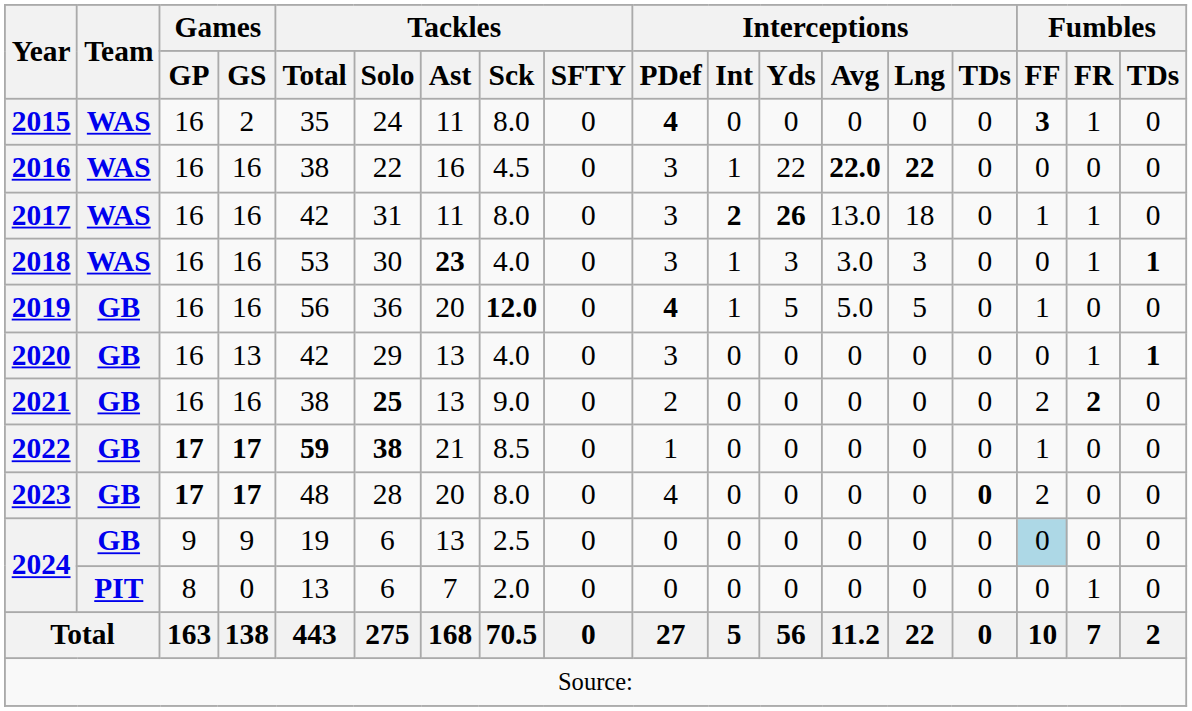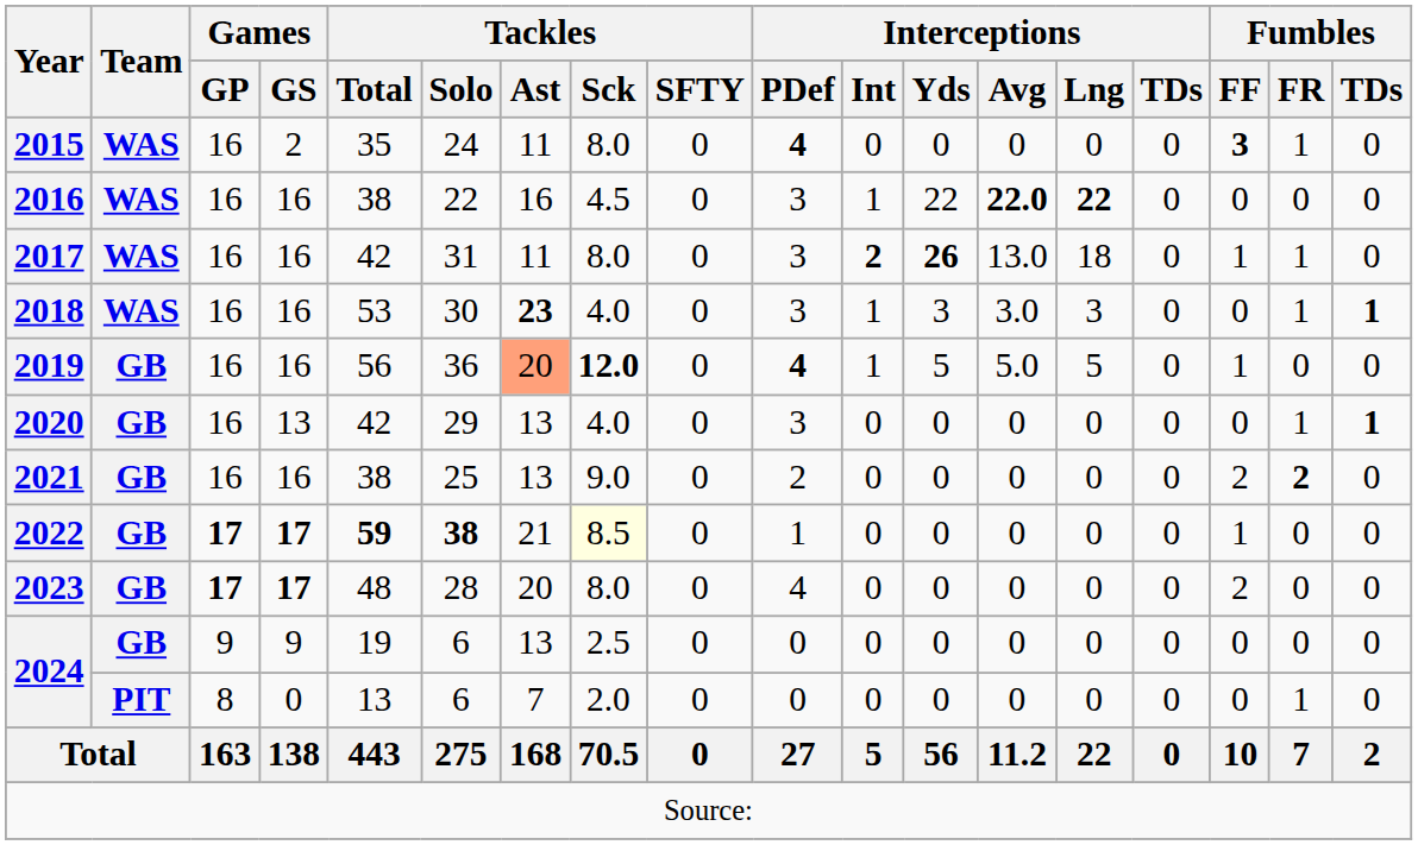 <table class="wikitable" style="text-align:center">
 <tr>
 <th rowspan="2">Year</th>
 <th rowspan="2">Team</th>
 <th colspan="2">Games</th>
 <th colspan="5">Tackles</th>
 <th colspan="6">Interceptions</th>
 <th colspan="3">Fumbles</th>
 </tr>
 <tr>
 <th>GP</th>
 <th>GS</th>
 <th>Total</th>
 <th>Solo</th>
 <th>Ast</th>
 <th>Sck</th>
 <th>SFTY</th>
 <th>PDef</th>
 <th>Int</th>
 <th>Yds</th>
 <th>Avg</th>
 <th>Lng</th>
 <th>TDs</th>
 <th>FF</th>
 <th>FR</th>
 <th>TDs</th>
 </tr>
 <tr>
 <th><a href='#'>2015</a></th>
 <th><a href='#'>WAS</a></th>
 <td>16</td>
 <td>2</td>
 <td>35</td>
 <td>24</td>
 <td>11</td>
 <td>8.0</td>
 <td>0</td>
 <td><strong>4</strong></td>
 <td>0</td>
 <td>0</td>
 <td>0</td>
 <td>0</td>
 <td>0</td>
 <td><strong>3</strong></td>
 <td>1</td>
 <td>0</td>
 </tr>
 <tr>
 <th><a href='#'>2016</a></th>
 <th><a href='#'>WAS</a></th>
 <td>16</td>
 <td>16</td>
 <td>38</td>
 <td>22</td>
 <td>16</td>
 <td>4.5</td>
 <td>0</td>
 <td>3</td>
 <td>1</td>
 <td>22</td>
 <td><strong>22.0</strong></td>
 <td><strong>22</strong></td>
 <td>0</td>
 <td>0</td>
 <td>0</td>
 <td>0</td>
 </tr>
 <tr>
 <th><a href='#'>2017</a></th>
 <th><a href='#'>WAS</a></th>
 <td>16</td>
 <td>16</td>
 <td>42</td>
 <td>31</td>
 <td>11</td>
 <td>8.0</td>
 <td>0</td>
 <td>3</td>
 <td><strong>2</strong></td>
 <td><strong>26</strong></td>
 <td>13.0</td>
 <td>18</td>
 <td>0</td>
 <td>1</td>
 <td>1</td>
 <td>0</td>
 </tr>
 <tr>
 <th><a href='#'>2018</a></th>
 <th><a href='#'>WAS</a></th>
 <td>16</td>
 <td>16</td>
 <td>53</td>
 <td>30</td>
 <td><strong>23</strong></td>
 <td>4.0</td>
 <td>0</td>
 <td>3</td>
 <td>1</td>
 <td>3</td>
 <td>3.0</td>
 <td>3</td>
 <td>0</td>
 <td>0</td>
 <td>1</td>
 <td><strong>1</strong></td>
 </tr>
 <tr>
 <th><a href='#'>2019</a></th>
 <th><a href='#'>GB</a></th>
 <td>16</td>
 <td>16</td>
 <td>56</td>
 <td>36</td>
-<td>20</td>
+<td style="background: lightsalmon;">20</td>
 <td><strong>12.0</strong></td>
 <td>0</td>
 <td><strong>4</strong></td>
 <td>1</td>
 <td>5</td>
 <td>5.0</td>
 <td>5</td>
 <td>0</td>
 <td>1</td>
 <td>0</td>
 <td>0</td>
 </tr>
 <tr>
 <th><a href='#'>2020</a></th>
 <th><a href='#'>GB</a></th>
 <td>16</td>
 <td>13</td>
 <td>42</td>
 <td>29</td>
 <td>13</td>
 <td>4.0</td>
 <td>0</td>
 <td>3</td>
 <td>0</td>
 <td>0</td>
 <td>0</td>
 <td>0</td>
 <td>0</td>
 <td>0</td>
 <td>1</td>
 <td><strong>1</strong></td>
 </tr>
 <tr>
 <th><a href='#'>2021</a></th>
 <th><a href='#'>GB</a></th>
 <td>16</td>
 <td>16</td>
 <td>38</td>
-<td><strong>25</strong></td>
+<td>25</td>
 <td>13</td>
 <td>9.0</td>
 <td>0</td>
 <td>2</td>
 <td>0</td>
 <td>0</td>
 <td>0</td>
 <td>0</td>
 <td>0</td>
 <td>2</td>
 <td><strong>2</strong></td>
 <td>0</td>
 </tr>
 <tr>
 <th><a href='#'>2022</a></th>
 <th><a href='#'>GB</a></th>
 <td><strong>17</strong></td>
 <td><strong>17</strong></td>
 <td><strong>59</strong></td>
 <td><strong>38</strong></td>
 <td>21</td>
-<td>8.5</td>
+<td style="background: lightyellow;">8.5</td>
 <td>0</td>
 <td>1</td>
 <td>0</td>
 <td>0</td>
 <td>0</td>
 <td>0</td>
 <td>0</td>
 <td>1</td>
 <td>0</td>
 <td>0</td>
 </tr>
 <tr>
 <th><a href='#'>2023</a></th>
 <th><a href='#'>GB</a></th>
 <td><strong>17</strong></td>
 <td><strong>17</strong></td>
 <td>48</td>
 <td>28</td>
 <td>20</td>
 <td>8.0</td>
 <td>0</td>
 <td>4</td>
 <td>0</td>
 <td>0</td>
 <td>0</td>
 <td>0</td>
-<td><strong>0</strong></td>
+<td>0</td>
 <td>2</td>
 <td>0</td>
 <td>0</td>
 </tr>
 <tr>
 <th rowspan="2"><a href='#'>2024</a></th>
 <th><a href='#'>GB</a></th>
 <td>9</td>
 <td>9</td>
 <td>19</td>
 <td>6</td>
 <td>13</td>
 <td>2.5</td>
 <td>0</td>
 <td>0</td>
 <td>0</td>
 <td>0</td>
 <td>0</td>
 <td>0</td>
 <td>0</td>
-<td style="background: lightblue;">0</td>
+<td>0</td>
 <td>0</td>
 <td>0</td>
 </tr>
 <tr>
 <th><a href='#'>PIT</a></th>
 <td>8</td>
 <td>0</td>
 <td>13</td>
 <td>6</td>
 <td>7</td>
 <td>2.0</td>
 <td>0</td>
 <td>0</td>
 <td>0</td>
 <td>0</td>
 <td>0</td>
 <td>0</td>
 <td>0</td>
 <td>0</td>
 <td>1</td>
 <td>0</td>
 </tr>
 <tr>
 <th colspan="2">Total</th>
 <th>163</th>
 <th>138</th>
 <th>443</th>
 <th>275</th>
 <th>168</th>
 <th>70.5</th>
 <th>0</th>
 <th>27</th>
 <th>5</th>
 <th>56</th>
 <th>11.2</th>
 <th>22</th>
 <th>0</th>
 <th>10</th>
 <th>7</th>
 <th>2</th>
 </tr>
 <tr>
 <td colspan="18"><small>Source: </small></td>
 </tr>
 </table>
